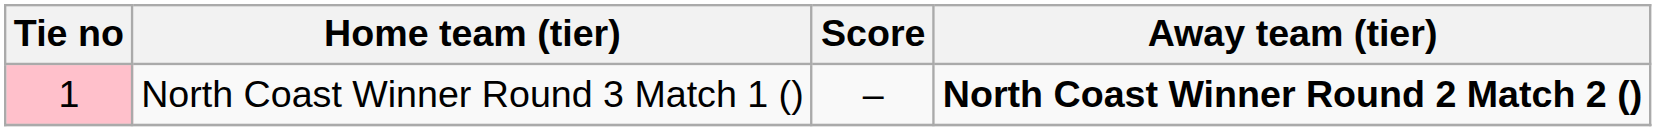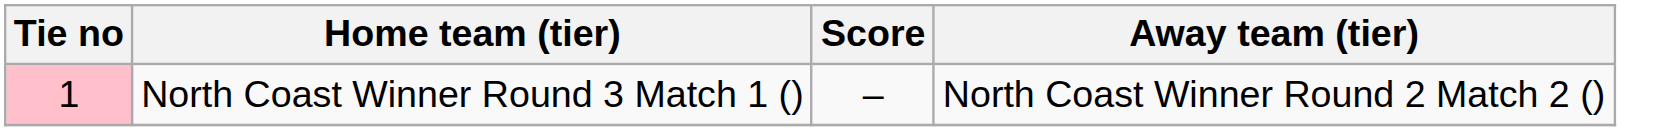 <table class="wikitable" style="text-align:center">
 <tr>
 <th>Tie no</th>
 <th>Home team (tier)</th>
 <th>Score</th>
 <th>Away team (tier)</th>
 </tr>
 <tr>
 <td style="background: pink;">1</td>
 <td>North Coast Winner Round 3 Match 1 ()</td>
 <td>–</td>
-<td><strong>North Coast Winner Round 2 Match 2 ()</strong></td>
+<td>North Coast Winner Round 2 Match 2 ()</td>
 </tr>
 <tr>
 </tr>
 </table>
